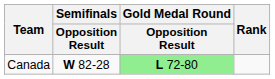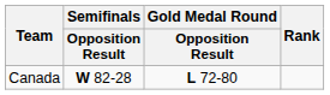 <table class="wikitable" style="font-size:90%">
 <tr>
 <th rowspan=2>Team</th>
 <th>Semifinals</th>
 <th>Gold Medal Round</th>
 <th rowspan=2>Rank</th>
 </tr>
 <tr style="font-size:95%">
 <th>Opposition<br>Result</th>
 <th>Opposition<br>Result</th>
 </tr>
 <tr align=center>
 <td align=left>Canada</td>
 <td> <strong>W</strong> 82-28</td>
-<td style="background: lightgreen;"> <strong>L</strong> 72-80</td>
+<td> <strong>L</strong> 72-80</td>
 <td></td>
 </tr>
 </table>
